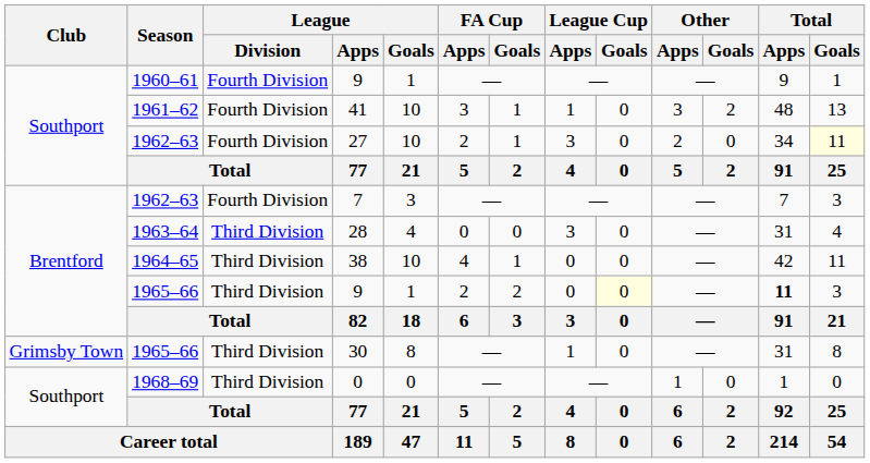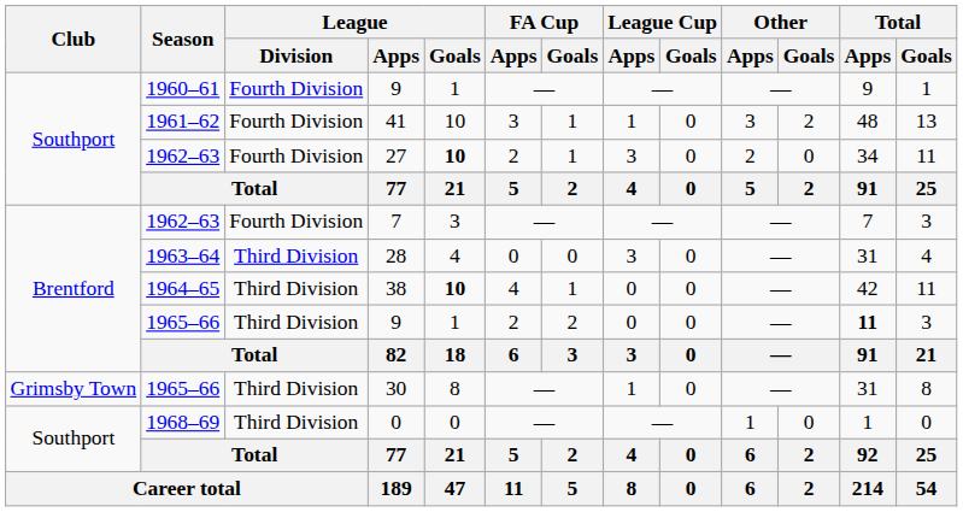 <table class="wikitable" style="text-align: center;">
 <tr>
 <th rowspan="2">Club</th>
 <th rowspan="2">Season</th>
 <th colspan="3">League</th>
 <th colspan="2">FA Cup</th>
 <th colspan="2">League Cup</th>
 <th colspan="2">Other</th>
 <th colspan="2">Total</th>
 </tr>
 <tr>
 <th>Division</th>
 <th>Apps</th>
 <th>Goals</th>
 <th>Apps</th>
 <th>Goals</th>
 <th>Apps</th>
 <th>Goals</th>
 <th>Apps</th>
 <th>Goals</th>
 <th>Apps</th>
 <th>Goals</th>
 </tr>
 <tr>
 <td rowspan="4"><a href='#'>Southport</a></td>
 <td><a href='#'>1960–61</a></td>
 <td><a href='#'>Fourth Division</a></td>
 <td>9</td>
 <td>1</td>
 <td colspan="2">—</td>
 <td colspan="2">—</td>
 <td colspan="2">—</td>
 <td>9</td>
 <td>1</td>
 </tr>
 <tr>
 <td><a href='#'>1961–62</a></td>
 <td>Fourth Division</td>
 <td>41</td>
 <td>10</td>
 <td>3</td>
 <td>1</td>
 <td>1</td>
 <td>0</td>
 <td>3</td>
 <td>2</td>
 <td>48</td>
 <td>13</td>
 </tr>
 <tr>
 <td><a href='#'>1962–63</a></td>
 <td>Fourth Division</td>
 <td>27</td>
-<td>10</td>
+<td><strong>10</strong></td>
 <td>2</td>
 <td>1</td>
 <td>3</td>
 <td>0</td>
 <td>2</td>
 <td>0</td>
 <td>34</td>
-<td style="background: lightyellow;">11</td>
+<td>11</td>
 </tr>
 <tr>
 <th colspan="2">Total</th>
 <th>77</th>
 <th>21</th>
 <th>5</th>
 <th>2</th>
 <th>4</th>
 <th>0</th>
 <th>5</th>
 <th>2</th>
 <th>91</th>
 <th>25</th>
 </tr>
 <tr>
 <td rowspan="5"><a href='#'>Brentford</a></td>
 <td><a href='#'>1962–63</a></td>
 <td>Fourth Division</td>
 <td>7</td>
 <td>3</td>
 <td colspan="2">—</td>
 <td colspan="2">—</td>
 <td colspan="2">—</td>
 <td>7</td>
 <td>3</td>
 </tr>
 <tr>
 <td><a href='#'>1963–64</a></td>
 <td><a href='#'>Third Division</a></td>
 <td>28</td>
 <td>4</td>
 <td>0</td>
 <td>0</td>
 <td>3</td>
 <td>0</td>
 <td colspan="2">—</td>
 <td>31</td>
 <td>4</td>
 </tr>
 <tr>
 <td><a href='#'>1964–65</a></td>
 <td>Third Division</td>
 <td>38</td>
-<td>10</td>
+<td><strong>10</strong></td>
 <td>4</td>
 <td>1</td>
 <td>0</td>
 <td>0</td>
 <td colspan="2">—</td>
 <td>42</td>
 <td>11</td>
 </tr>
 <tr>
 <td><a href='#'>1965–66</a></td>
 <td>Third Division</td>
 <td>9</td>
 <td>1</td>
 <td>2</td>
 <td>2</td>
 <td>0</td>
-<td style="background: lightyellow;">0</td>
+<td>0</td>
 <td colspan="2">—</td>
 <td><strong>11</strong></td>
 <td>3</td>
 </tr>
 <tr>
 <th colspan="2">Total</th>
 <th>82</th>
 <th>18</th>
 <th>6</th>
 <th>3</th>
 <th>3</th>
 <th>0</th>
 <th colspan="2">—</th>
 <th>91</th>
 <th>21</th>
 </tr>
 <tr>
 <td><a href='#'>Grimsby Town</a></td>
 <td><a href='#'>1965–66</a></td>
 <td>Third Division</td>
 <td>30</td>
 <td>8</td>
 <td colspan="2">—</td>
 <td>1</td>
 <td>0</td>
 <td colspan="2">—</td>
 <td>31</td>
 <td>8</td>
 </tr>
 <tr>
 <td rowspan="2">Southport</td>
 <td><a href='#'>1968–69</a></td>
 <td>Third Division</td>
 <td>0</td>
 <td>0</td>
 <td colspan="2">—</td>
 <td colspan="2">—</td>
 <td>1</td>
 <td>0</td>
 <td>1</td>
 <td>0</td>
 </tr>
 <tr>
 <th colspan="2">Total</th>
 <th>77</th>
 <th>21</th>
 <th>5</th>
 <th>2</th>
 <th>4</th>
 <th>0</th>
 <th>6</th>
 <th>2</th>
 <th>92</th>
 <th>25</th>
 </tr>
 <tr>
 <th colspan="3">Career total</th>
 <th>189</th>
 <th>47</th>
 <th>11</th>
 <th>5</th>
 <th>8</th>
 <th>0</th>
 <th>6</th>
 <th>2</th>
 <th>214</th>
 <th>54</th>
 </tr>
 </table>
